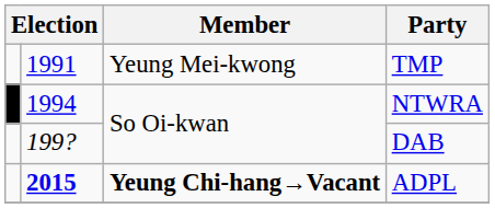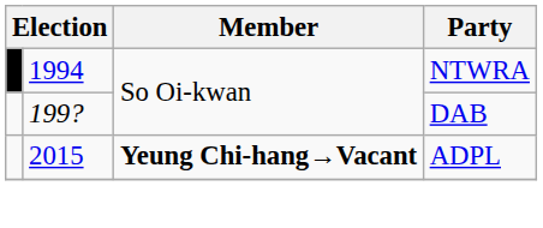 <table class="wikitable">
 <tr>
 <th colspan="2">Election</th>
 <th>Member</th>
 <th>Party</th>
-</tr>
-<tr>
-<td bgcolor=></td>
-<td><a href='#'>1991</a></td>
-<td>Yeung Mei-kwong</td>
-<td><a href='#'>TMP</a></td>
 </tr>
 <tr>
 <td bgcolor="black"></td>
 <td><a href='#'>1994</a></td>
 <td rowspan=2>So Oi-kwan</td>
 <td><a href='#'>NTWRA</a></td>
 </tr>
 <tr>
 <td style="color:inherit;background:"></td>
 <td><em>199?</em></td>
 <td><a href='#'>DAB</a></td>
 </tr>
 <tr>
 <td style="color:inherit;background:"></td>
-<td><strong><a href='#'>2015</a></strong></td>
+<td><a href='#'>2015</a></td>
 <td><strong>Yeung Chi-hang→Vacant</strong></td>
 <td><a href='#'>ADPL</a></td>
 </tr>
 <tr>
 </tr>
 </table>
